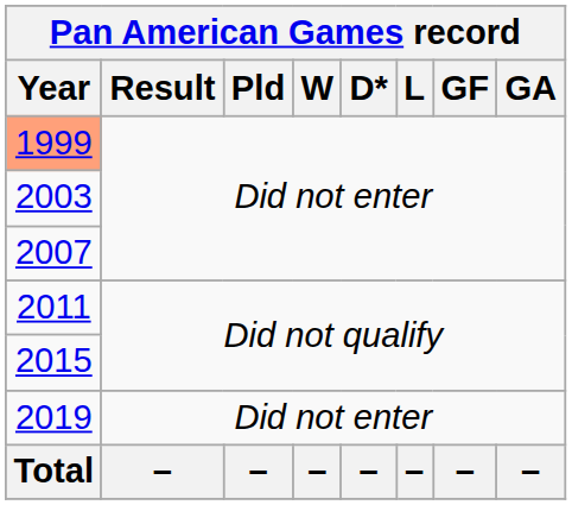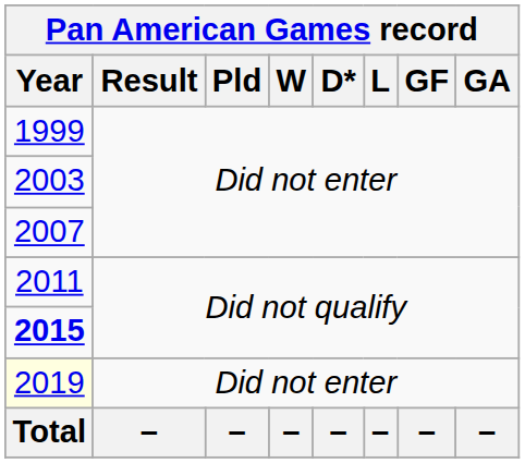 <table class="wikitable" style="text-align: center;">
 <tr>
 <th colspan=8><a href='#'>Pan American Games</a> record</th>
 </tr>
 <tr>
 <th>Year</th>
 <th>Result</th>
 <th>Pld</th>
 <th>W</th>
 <th>D*</th>
 <th>L</th>
 <th>GF</th>
 <th>GA</th>
 </tr>
 <tr>
-<td style="background: lightsalmon;"> <a href='#'>1999</a></td>
+<td> <a href='#'>1999</a></td>
 <td colspan=7 rowspan=3><em>Did not enter</em></td>
 </tr>
 <tr>
 <td> <a href='#'>2003</a></td>
 </tr>
 <tr>
 <td> <a href='#'>2007</a></td>
 </tr>
 <tr>
 <td> <a href='#'>2011</a></td>
 <td colspan=7 rowspan=2><em>Did not qualify</em></td>
 </tr>
 <tr>
-<td> <a href='#'>2015</a></td>
+<td><strong> <a href='#'>2015</a></strong></td>
 </tr>
 <tr>
-<td> <a href='#'>2019</a></td>
+<td style="background: lightyellow;"> <a href='#'>2019</a></td>
 <td colspan=7><em>Did not enter</em></td>
 </tr>
 <tr>
 <th>Total</th>
 <th>–</th>
 <th>–</th>
 <th>–</th>
 <th>–</th>
 <th>–</th>
 <th>–</th>
 <th>–</th>
 </tr>
 </table>
